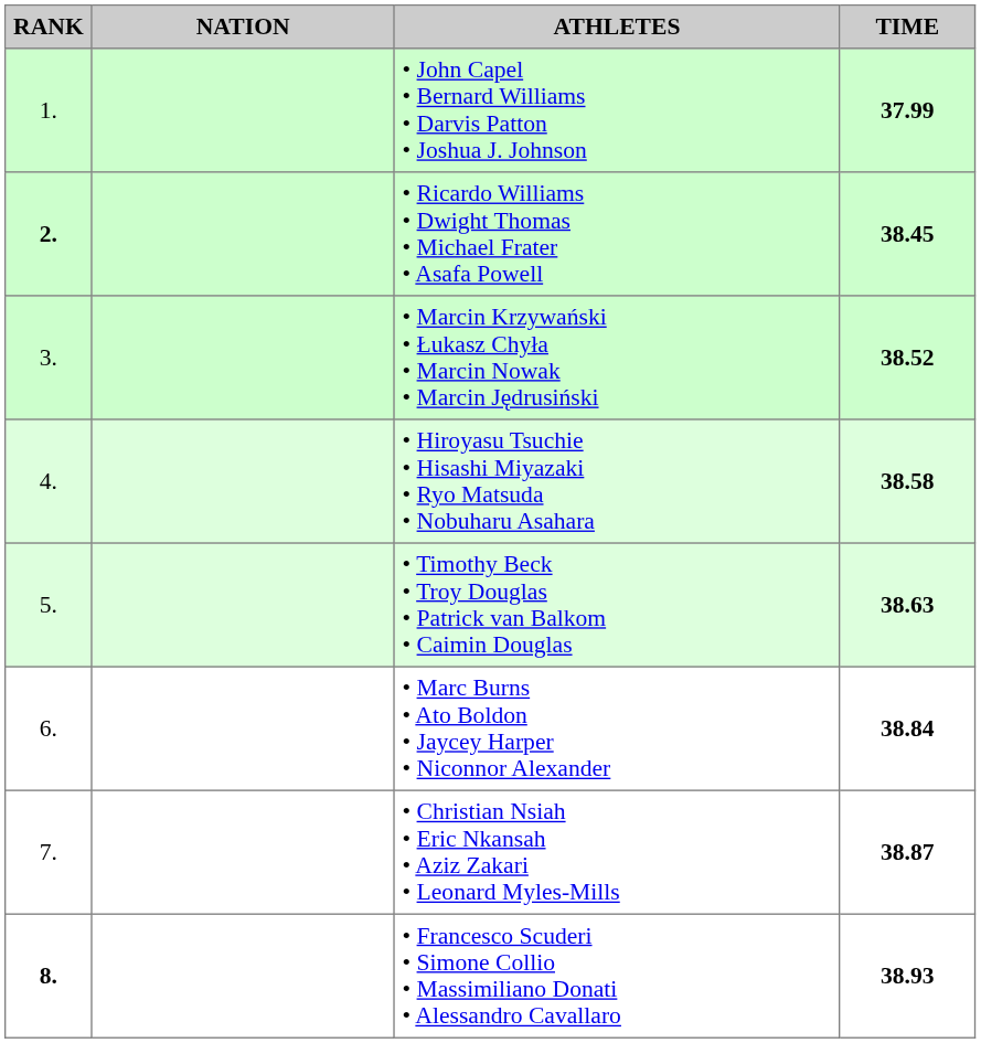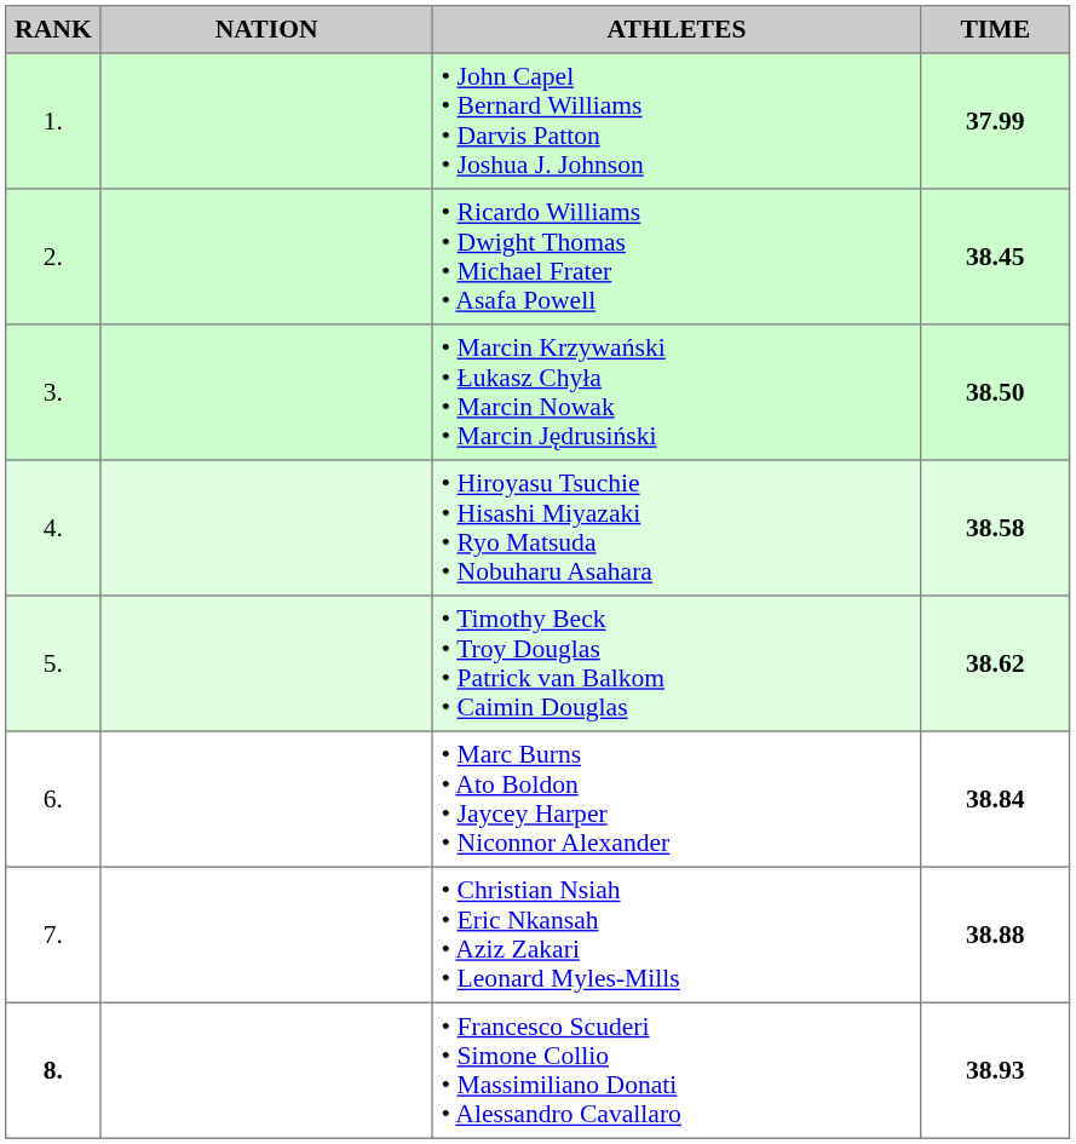 <table border="1" cellspacing="2" cellpadding="5" style="border-collapse: collapse;">
 <tr bgcolor="cccccc">
 <th>RANK</th>
 <th style="width: 12em">NATION</th>
 <th style="width: 18em">ATHLETES</th>
 <th style="width: 5em">TIME</th>
 </tr>
 <tr style="background:#ccffcc;">
 <td align="center">1.</td>
 <td align="center"></td>
 <td>• <a href='#'>John Capel</a><br>• <a href='#'>Bernard Williams</a><br>• <a href='#'>Darvis Patton</a><br>• <a href='#'>Joshua J. Johnson</a></td>
 <td align="center"><strong>37.99</strong></td>
 </tr>
 <tr style="background:#ccffcc;">
-<td align="center"><strong>2.</strong></td>
+<td align="center">2.</td>
 <td align="center"></td>
 <td>• <a href='#'>Ricardo Williams</a><br>• <a href='#'>Dwight Thomas</a><br>• <a href='#'>Michael Frater</a><br>• <a href='#'>Asafa Powell</a></td>
 <td align="center"><strong>38.45</strong></td>
 </tr>
 <tr style="background:#ccffcc;">
 <td align="center">3.</td>
 <td align="center"></td>
 <td>• <a href='#'>Marcin Krzywański</a><br>• <a href='#'>Łukasz Chyła</a><br>• <a href='#'>Marcin Nowak</a><br>• <a href='#'>Marcin Jędrusiński</a></td>
-<td align="center"><strong>38.52</strong></td>
+<td align="center"><strong>38.50</strong></td>
 </tr>
 <tr style="background:#ddffdd;">
 <td align="center">4.</td>
 <td align="center"></td>
 <td>• <a href='#'>Hiroyasu Tsuchie</a><br>• <a href='#'>Hisashi Miyazaki</a><br>• <a href='#'>Ryo Matsuda</a><br>• <a href='#'>Nobuharu Asahara</a></td>
 <td align="center"><strong>38.58</strong></td>
 </tr>
 <tr style="background:#ddffdd;">
 <td align="center">5.</td>
 <td align="center"></td>
 <td>• <a href='#'>Timothy Beck</a><br>• <a href='#'>Troy Douglas</a><br>• <a href='#'>Patrick van Balkom</a><br>• <a href='#'>Caimin Douglas</a></td>
-<td align="center"><strong>38.63</strong></td>
+<td align="center"><strong>38.62</strong></td>
 </tr>
 <tr>
 <td align="center">6.</td>
 <td align="center"></td>
 <td>• <a href='#'>Marc Burns</a><br>• <a href='#'>Ato Boldon</a><br>• <a href='#'>Jaycey Harper</a><br>• <a href='#'>Niconnor Alexander</a></td>
 <td align="center"><strong>38.84</strong></td>
 </tr>
 <tr>
 <td align="center">7.</td>
 <td align="center"></td>
 <td>• <a href='#'>Christian Nsiah</a><br>• <a href='#'>Eric Nkansah</a><br>• <a href='#'>Aziz Zakari</a><br>• <a href='#'>Leonard Myles-Mills</a></td>
-<td align="center"><strong>38.87</strong></td>
+<td align="center"><strong>38.88</strong></td>
 </tr>
 <tr>
 <td align="center"><strong>8.</strong></td>
 <td align="center"></td>
 <td>• <a href='#'>Francesco Scuderi</a><br>• <a href='#'>Simone Collio</a><br>• <a href='#'>Massimiliano Donati</a><br>• <a href='#'>Alessandro Cavallaro</a></td>
 <td align="center"><strong>38.93</strong></td>
 </tr>
 </table>
